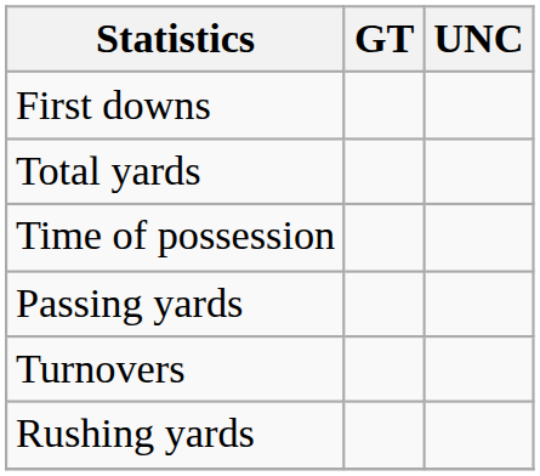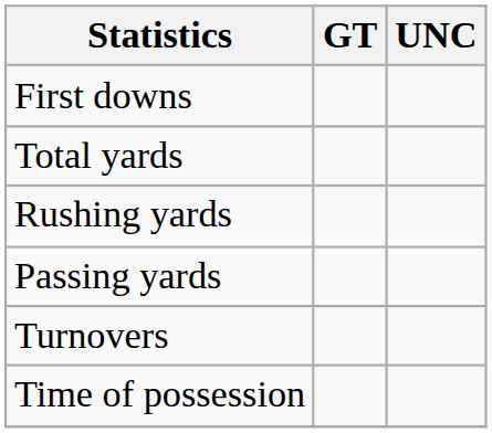 <table class="wikitable" style="float: left;">
 <tr>
 <th>Statistics</th>
 <th>GT</th>
 <th>UNC</th>
 </tr>
 <tr>
 <td>First downs</td>
 <td></td>
 <td></td>
 </tr>
 <tr>
 <td>Total yards</td>
 <td></td>
 <td></td>
 </tr>
 <tr>
-<td>Time of possession</td>
+<td>Rushing yards</td>
 <td></td>
 <td></td>
 </tr>
 <tr>
 <td>Passing yards</td>
 <td></td>
 <td></td>
 </tr>
 <tr>
 <td>Turnovers</td>
 <td></td>
 <td></td>
 </tr>
 <tr>
-<td>Rushing yards</td>
+<td>Time of possession</td>
 <td></td>
 <td></td>
 </tr>
 <tr>
 </tr>
 </table>
